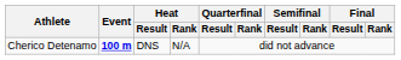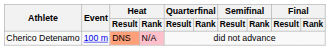 <table class="wikitable" style="font-size:90%;">
 <tr>
 <th rowspan="2">Athlete</th>
 <th rowspan="2">Event</th>
 <th colspan="2">Heat</th>
 <th colspan="2">Quarterfinal</th>
 <th colspan="2">Semifinal</th>
 <th colspan="2">Final</th>
 </tr>
 <tr style="font-size:95%">
 <th>Result</th>
 <th>Rank</th>
 <th>Result</th>
 <th>Rank</th>
 <th>Result</th>
 <th>Rank</th>
 <th>Result</th>
 <th>Rank</th>
 </tr>
 <tr align=center>
 <td align=left>Cherico Detenamo</td>
-<td align=left><strong><a href='#'>100 m</a></strong></td>
-<td align=left>DNS</td>
-<td align=left>N/A</td>
+<td align=left><a href='#'>100 m</a></td>
+<td align=left style="background: lightsalmon;">DNS</td>
+<td align=left style="background: pink;">N/A</td>
 <td colspan=6>did not advance</td>
 </tr>
 </table>
